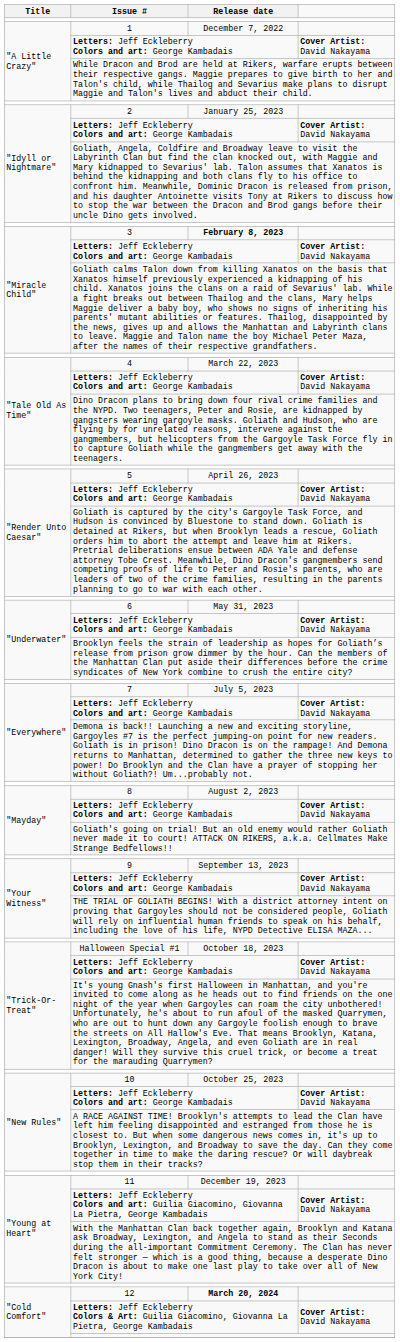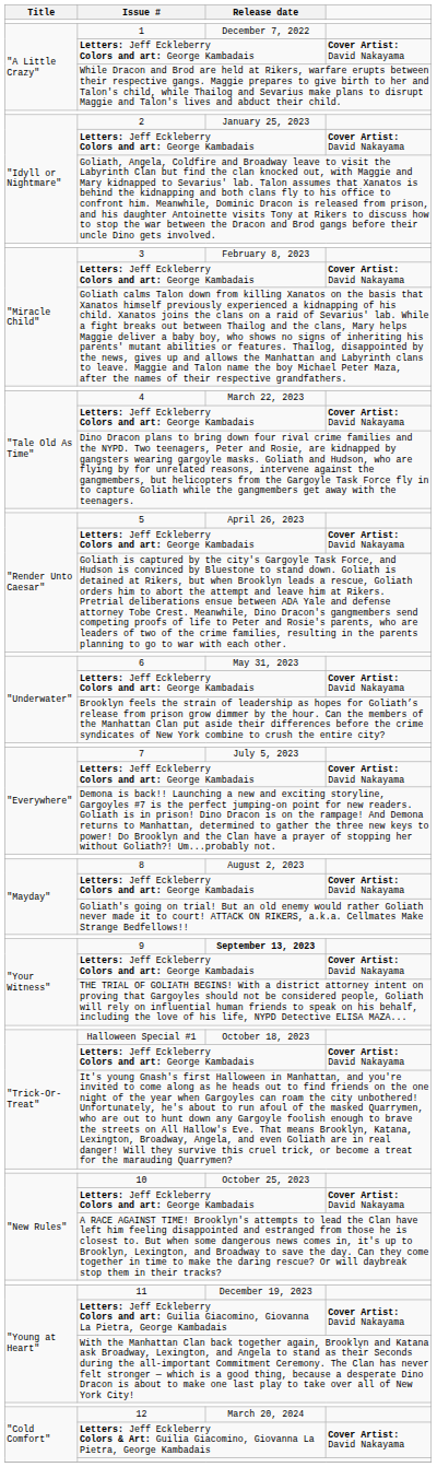 <table class="wikitable">
 <tr>
 <th>Title</th>
 <th>Issue #</th>
 <th>Release date</th>
 </tr>
 <tr>
 <td colspan="6" bgcolor="#FFFFFF"></td>
 </tr>
 <tr>
 <td colspan="1" rowspan="3">"A Little Crazy"</td>
 <td align="center">1</td>
 <td align="center">December 7, 2022</td>
 </tr>
 <tr>
 <td colspan="2" rowspan="1"><strong>Letters:</strong> Jeff Eckleberry<br> <strong>Colors and art:</strong> George Kambadais</td>
 <td><strong>Cover Artist:</strong> David Nakayama<br></td>
 </tr>
 <tr>
 <td colspan="6">While Dracon and Brod are held at Rikers, warfare erupts between their respective gangs. Maggie prepares to give birth to her and Talon's child, while Thailog and Sevarius make plans to disrupt Maggie and Talon's lives and abduct their child.</td>
 </tr>
 <tr>
 <td colspan="6" bgcolor="#FFFFFF"></td>
 </tr>
 <tr>
 <td colspan="1" rowspan="3">"Idyll or Nightmare"</td>
 <td align="center">2</td>
 <td align="center">January 25, 2023</td>
 </tr>
 <tr>
 <td colspan="2" rowspan="1"><strong>Letters:</strong> Jeff Eckleberry<br> <strong>Colors and art:</strong> George Kambadais</td>
 <td><strong>Cover Artist:</strong> David Nakayama<br></td>
 </tr>
 <tr>
 <td colspan="6">Goliath, Angela, Coldfire and Broadway leave to visit the Labyrinth Clan but find the clan knocked out, with Maggie and Mary kidnapped to Sevarius' lab. Talon assumes that Xanatos is behind the kidnapping and both clans fly to his office to confront him. Meanwhile, Dominic Dracon is released from prison, and his daughter Antoinette visits Tony at Rikers to discuss how to stop the war between the Dracon and Brod gangs before their uncle Dino gets involved.</td>
 </tr>
 <tr>
 <td colspan="6" bgcolor="#FFFFFF"></td>
 </tr>
 <tr>
 <td colspan="1" rowspan="3">"Miracle Child"</td>
 <td align="center">3</td>
-<td align="center"><strong>February 8, 2023</strong></td>
+<td align="center">February 8, 2023</td>
 </tr>
 <tr>
 <td colspan="2" rowspan="1"><strong>Letters:</strong> Jeff Eckleberry<br> <strong>Colors and art:</strong> George Kambadais</td>
 <td><strong>Cover Artist:</strong> David Nakayama<br></td>
 </tr>
 <tr>
 <td colspan="6">Goliath calms Talon down from killing Xanatos on the basis that Xanatos himself previously experienced a kidnapping of his child. Xanatos joins the clans on a raid of Sevarius' lab. While a fight breaks out between Thailog and the clans, Mary helps Maggie deliver a baby boy, who shows no signs of inheriting his parents' mutant abilities or features. Thailog, disappointed by the news, gives up and allows the Manhattan and Labyrinth clans to leave. Maggie and Talon name the boy Michael Peter Maza, after the names of their respective grandfathers.</td>
 </tr>
 <tr>
 <td colspan="6" bgcolor="#FFFFFF"></td>
 </tr>
 <tr>
 <td colspan="1" rowspan="3">"Tale Old As Time"</td>
 <td align="center">4</td>
 <td align="center">March 22, 2023</td>
 </tr>
 <tr>
 <td colspan="2" rowspan="1"><strong>Letters:</strong> Jeff Eckleberry<br> <strong>Colors and art:</strong> George Kambadais</td>
 <td><strong>Cover Artist:</strong> David Nakayama<br></td>
 </tr>
 <tr>
 <td colspan="6">Dino Dracon plans to bring down four rival crime families and the NYPD. Two teenagers, Peter and Rosie, are kidnapped by gangsters wearing gargoyle masks. Goliath and Hudson, who are flying by for unrelated reasons, intervene against the gangmembers, but helicopters from the Gargoyle Task Force fly in to capture Goliath while the gangmembers get away with the teenagers.</td>
 </tr>
 <tr>
 <td colspan="6" bgcolor="#FFFFFF"></td>
 </tr>
 <tr>
 <td colspan="1" rowspan="3">"Render Unto Caesar"</td>
 <td align="center">5</td>
 <td align="center">April 26, 2023</td>
 </tr>
 <tr>
 <td colspan="2" rowspan="1"><strong>Letters:</strong> Jeff Eckleberry<br> <strong>Colors and art:</strong> George Kambadais</td>
 <td><strong>Cover Artist:</strong> David Nakayama<br></td>
 </tr>
 <tr>
 <td colspan="6">Goliath is captured by the city's Gargoyle Task Force, and Hudson is convinced by Bluestone to stand down. Goliath is detained at Rikers, but when Brooklyn leads a rescue, Goliath orders him to abort the attempt and leave him at Rikers. Pretrial deliberations ensue between ADA Yale and defense attorney Tobe Crest. Meanwhile, Dino Dracon's gangmembers send competing proofs of life to Peter and Rosie's parents, who are leaders of two of the crime families, resulting in the parents planning to go to war with each other.</td>
 </tr>
 <tr>
 <td colspan="6" bgcolor="#FFFFFF"></td>
 </tr>
 <tr>
 <td colspan="1" rowspan="3">"Underwater"</td>
 <td align="center">6</td>
 <td align="center">May 31, 2023</td>
 </tr>
 <tr>
 <td colspan="2" rowspan="1"><strong>Letters:</strong> Jeff Eckleberry<br> <strong>Colors and art:</strong> George Kambadais</td>
 <td><strong>Cover Artist:</strong> David Nakayama<br></td>
 </tr>
 <tr>
 <td colspan="6">Brooklyn feels the strain of leadership as hopes for Goliath’s release from prison grow dimmer by the hour. Can the members of the Manhattan Clan put aside their differences before the crime syndicates of New York combine to crush the entire city?</td>
 </tr>
 <tr>
 <td colspan="6" bgcolor="#FFFFFF"></td>
 </tr>
 <tr>
 <td colspan="1" rowspan="3">"Everywhere"</td>
 <td align="center">7</td>
 <td align="center">July 5, 2023</td>
 </tr>
 <tr>
 <td colspan="2" rowspan="1"><strong>Letters:</strong> Jeff Eckleberry<br> <strong>Colors and art:</strong> George Kambadais</td>
 <td><strong>Cover Artist:</strong> David Nakayama<br></td>
 </tr>
 <tr>
 <td colspan="6">Demona is back!! Launching a new and exciting storyline, Gargoyles #7 is the perfect jumping-on point for new readers. Goliath is in prison! Dino Dracon is on the rampage! And Demona returns to Manhattan, determined to gather the three new keys to power! Do Brooklyn and the Clan have a prayer of stopping her without Goliath?! Um...probably not.</td>
 </tr>
 <tr>
 <td colspan="6" bgcolor="#FFFFFF"></td>
 </tr>
 <tr>
 <td colspan="1" rowspan="3">"Mayday"</td>
 <td align="center">8</td>
 <td align="center">August 2, 2023</td>
 </tr>
 <tr>
 <td colspan="2" rowspan="1"><strong>Letters:</strong> Jeff Eckleberry<br> <strong>Colors and art:</strong> George Kambadais</td>
 <td><strong>Cover Artist:</strong> David Nakayama<br></td>
 </tr>
 <tr>
 <td colspan="6">Goliath's going on trial! But an old enemy would rather Goliath never made it to court! ATTACK ON RIKERS, a.k.a. Cellmates Make Strange Bedfellows!!</td>
 </tr>
 <tr>
 <td colspan="6" bgcolor="#FFFFFF"></td>
 </tr>
 <tr>
 <td colspan="1" rowspan="3">"Your Witness"</td>
 <td align="center">9</td>
-<td align="center">September 13, 2023</td>
+<td align="center"><strong>September 13, 2023</strong></td>
 </tr>
 <tr>
 <td colspan="2" rowspan="1"><strong>Letters:</strong> Jeff Eckleberry<br> <strong>Colors and art:</strong> George Kambadais</td>
 <td><strong>Cover Artist:</strong> David Nakayama<br></td>
 </tr>
 <tr>
 <td colspan="6">THE TRIAL OF GOLIATH BEGINS! With a district attorney intent on proving that Gargoyles should not be considered people, Goliath will rely on influential human friends to speak on his behalf, including the love of his life, NYPD Detective ELISA MAZA...</td>
 </tr>
 <tr>
 <td colspan="6" bgcolor="#FFFFFF"></td>
 </tr>
 <tr>
 <td colspan="1" rowspan="3">"Trick-Or-Treat"</td>
 <td align="center">Halloween Special #1</td>
 <td align="center">October 18, 2023</td>
 </tr>
 <tr>
 <td colspan="2" rowspan="1"><strong>Letters:</strong> Jeff Eckleberry<br> <strong>Colors and art:</strong> George Kambadais</td>
 <td><strong>Cover Artist:</strong> David Nakayama<br></td>
 </tr>
 <tr>
 <td colspan="6">It's young Gnash's first Halloween in Manhattan, and you're invited to come along as he heads out to find friends on the one night of the year when Gargoyles can roam the city unbothered! Unfortunately, he's about to run afoul of the masked Quarrymen, who are out to hunt down any Gargoyle foolish enough to brave the streets on All Hallow's Eve. That means Brooklyn, Katana, Lexington, Broadway, Angela, and even Goliath are in real danger! Will they survive this cruel trick, or become a treat for the marauding Quarrymen?</td>
 </tr>
 <tr>
 <td colspan="6" bgcolor="#FFFFFF"></td>
 </tr>
 <tr>
 <td colspan="1" rowspan="3">"New Rules"</td>
 <td align="center">10</td>
 <td align="center">October 25, 2023</td>
 </tr>
 <tr>
 <td colspan="2" rowspan="1"><strong>Letters:</strong> Jeff Eckleberry<br> <strong>Colors and art:</strong> George Kambadais</td>
 <td><strong>Cover Artist:</strong> David Nakayama<br></td>
 </tr>
 <tr>
 <td colspan="6">A RACE AGAINST TIME! Brooklyn's attempts to lead the Clan have left him feeling disappointed and estranged from those he is closest to. But when some dangerous news comes in, it's up to Brooklyn, Lexington, and Broadway to save the day. Can they come together in time to make the daring rescue? Or will daybreak stop them in their tracks?</td>
 </tr>
 <tr>
 <td colspan="6" bgcolor="#FFFFFF"></td>
 </tr>
 <tr>
 <td colspan="1" rowspan="3">"Young at Heart"</td>
 <td align="center">11</td>
 <td align="center">December 19, 2023</td>
 </tr>
 <tr>
 <td colspan="2" rowspan="1"><strong>Letters:</strong> Jeff Eckleberry<br> <strong>Colors and art:</strong> Guilia Giacomino, Giovanna La Pietra, George Kambadais</td>
 <td><strong>Cover Artist:</strong> David Nakayama<br></td>
 </tr>
 <tr>
 <td colspan="6">With the Manhattan Clan back together again, Brooklyn and Katana ask Broadway, Lexington, and Angela to stand as their Seconds during the all-important Commitment Ceremony. The Clan has never felt stronger — which is a good thing, because a desperate Dino Dracon is about to make one last play to take over all of New York City!</td>
 </tr>
 <tr>
 <td colspan="6" bgcolor="#FFFFFF"></td>
 </tr>
 <tr>
 <td colspan="1" rowspan="3">"Cold Comfort"</td>
 <td align="center">12</td>
-<td align="center"><strong>March 20, 2024</strong></td>
+<td align="center">March 20, 2024</td>
 </tr>
 <tr>
 <td colspan="2" rowspan="1"><strong>Letters:</strong> Jeff Eckleberry<br> <strong>Colors & Art:</strong> Guilia Giacomino, Giovanna La Pietra, George Kambadais</td>
 <td><strong>Cover Artist:</strong> David Nakayama<br></td>
 </tr>
 <tr>
 <td colspan="6"></td>
 </tr>
 <tr>
 </tr>
 </table>
